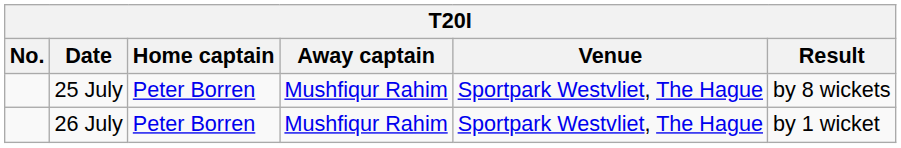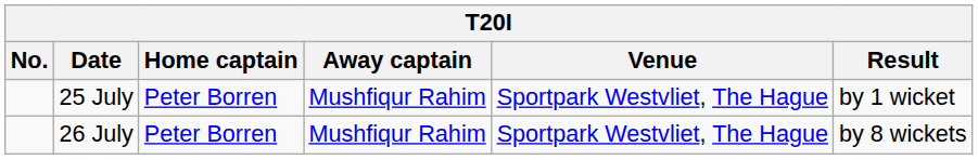 <table class="wikitable">
 <tr>
 <th colspan="9">T20I</th>
 </tr>
 <tr>
 <th>No.</th>
 <th>Date</th>
 <th>Home captain</th>
 <th>Away captain</th>
 <th>Venue</th>
 <th>Result</th>
 </tr>
 <tr>
 <td></td>
 <td>25 July</td>
 <td><a href='#'>Peter Borren</a></td>
 <td><a href='#'>Mushfiqur Rahim</a></td>
 <td><a href='#'>Sportpark Westvliet</a>, <a href='#'>The Hague</a></td>
-<td> by 8 wickets</td>
+<td> by 1 wicket</td>
 </tr>
 <tr>
 <td></td>
 <td>26 July</td>
 <td><a href='#'>Peter Borren</a></td>
 <td><a href='#'>Mushfiqur Rahim</a></td>
 <td><a href='#'>Sportpark Westvliet</a>, <a href='#'>The Hague</a></td>
-<td> by 1 wicket</td>
+<td> by 8 wickets</td>
 </tr>
 </table>
